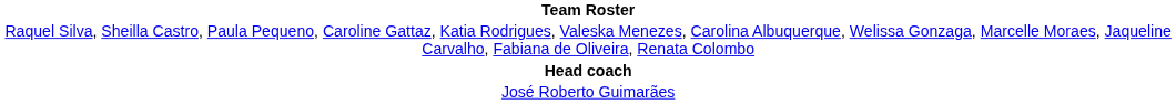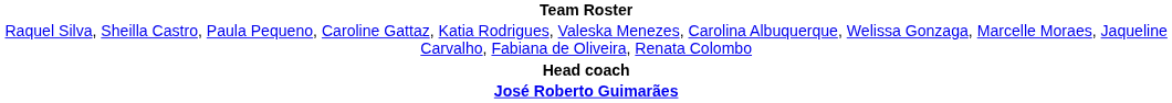 <table style="text-align:center;margin-top:2em;margin-left:auto;margin-right:auto">
 <tr>
 <td><strong>Team Roster</strong></td>
 </tr>
 <tr>
 <td><a href='#'>Raquel Silva</a>, <a href='#'>Sheilla Castro</a>, <a href='#'>Paula Pequeno</a>, <a href='#'>Caroline Gattaz</a>, <a href='#'>Katia Rodrigues</a>, <a href='#'>Valeska Menezes</a>, <a href='#'>Carolina Albuquerque</a>, <a href='#'>Welissa Gonzaga</a>, <a href='#'>Marcelle Moraes</a>, <a href='#'>Jaqueline Carvalho</a>, <a href='#'>Fabiana de Oliveira</a>, <a href='#'>Renata Colombo</a></td>
 </tr>
 <tr>
 <td><strong>Head coach</strong></td>
 </tr>
 <tr>
-<td><a href='#'>José Roberto Guimarães</a></td>
+<td><strong><a href='#'>José Roberto Guimarães</a></strong></td>
 </tr>
 </table>
